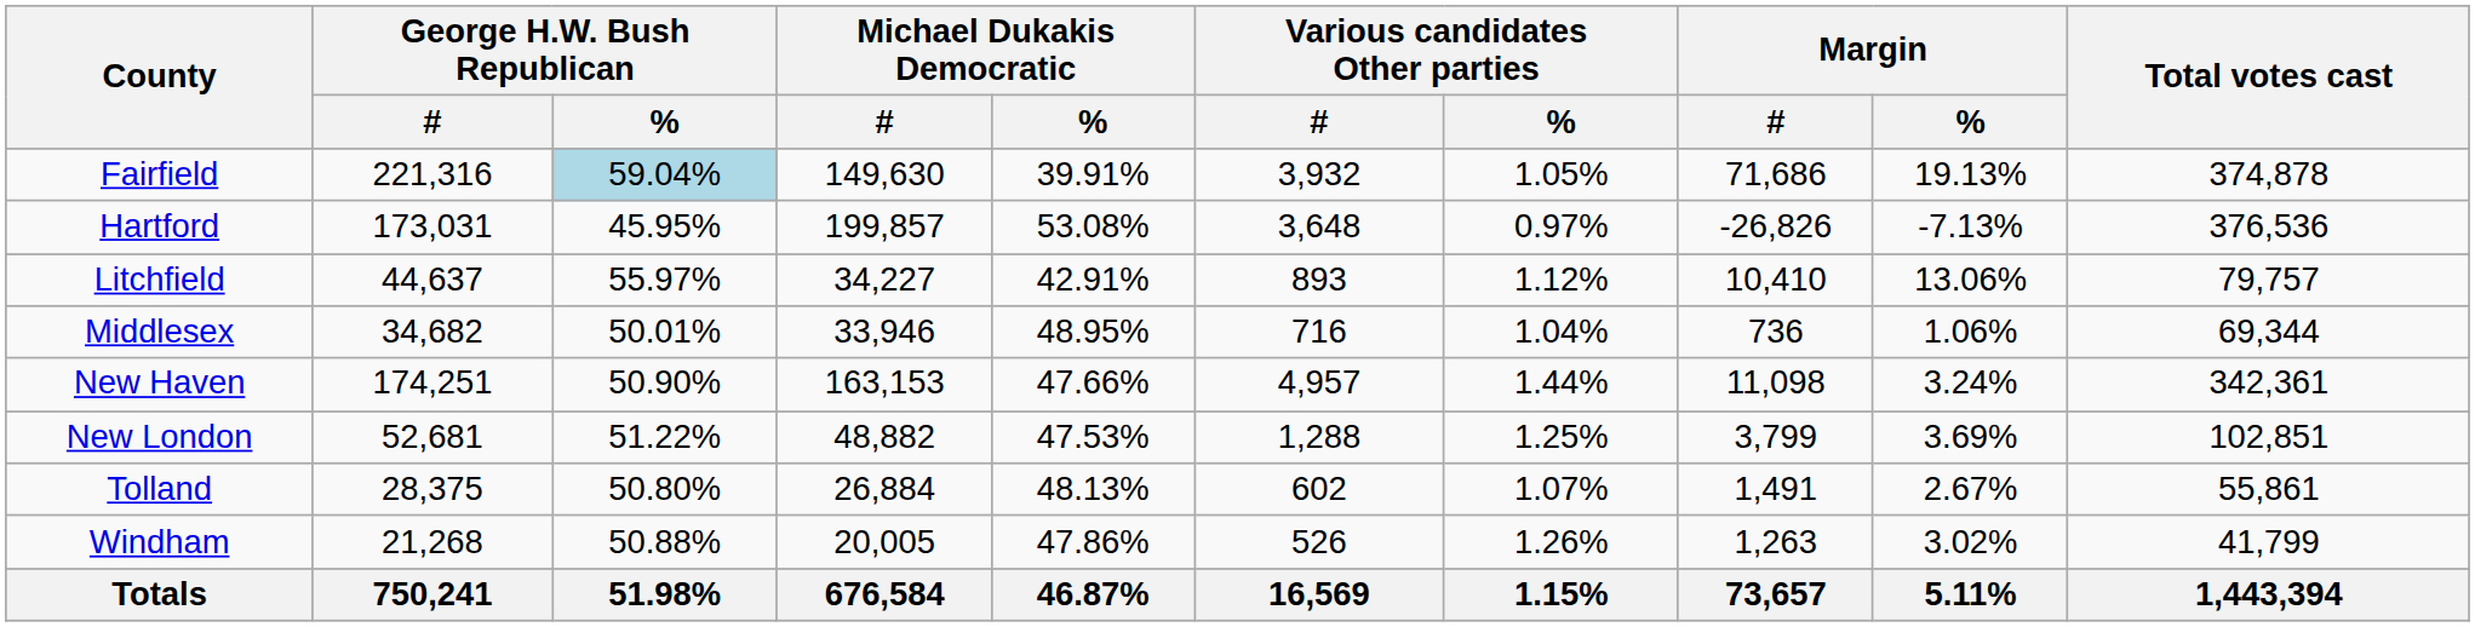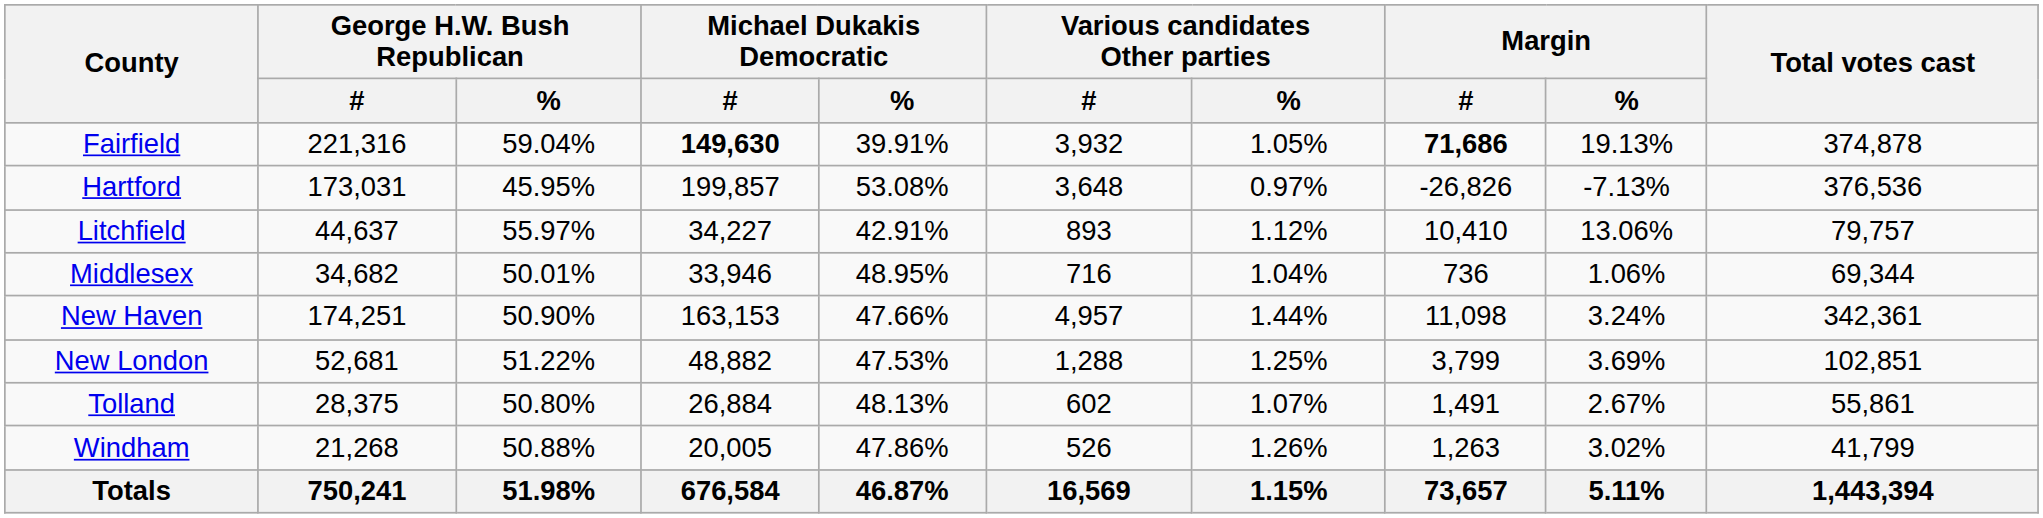 <table width="60%"  class="wikitable sortable" style="text-align:center">
 <tr>
 <th style="text-align:center;" rowspan="2">County</th>
 <th style="text-align:center;" colspan="2">George H.W. Bush<br>Republican</th>
 <th style="text-align:center;" colspan="2">Michael Dukakis<br>Democratic</th>
 <th style="text-align:center;" colspan="2">Various candidates<br>Other parties</th>
 <th style="text-align:center;" colspan="2">Margin</th>
 <th style="text-align:center;" rowspan="2">Total votes cast</th>
 </tr>
 <tr>
 <th style="text-align:center;" data-sort-type="number">#</th>
 <th style="text-align:center;" data-sort-type="number">%</th>
 <th style="text-align:center;" data-sort-type="number">#</th>
 <th style="text-align:center;" data-sort-type="number">%</th>
 <th style="text-align:center;" data-sort-type="number">#</th>
 <th style="text-align:center;" data-sort-type="number">%</th>
 <th style="text-align:center;" data-sort-type="number">#</th>
 <th style="text-align:center;" data-sort-type="number">%</th>
 </tr>
 <tr style="text-align:center;">
 <td><a href='#'>Fairfield</a></td>
 <td>221,316</td>
-<td style="background: lightblue;">59.04%</td>
-<td>149,630</td>
+<td>59.04%</td>
+<td><strong>149,630</strong></td>
 <td>39.91%</td>
 <td>3,932</td>
 <td>1.05%</td>
-<td>71,686</td>
+<td><strong>71,686</strong></td>
 <td>19.13%</td>
 <td>374,878</td>
 </tr>
 <tr style="text-align:center;">
 <td><a href='#'>Hartford</a></td>
 <td>173,031</td>
 <td>45.95%</td>
 <td>199,857</td>
 <td>53.08%</td>
 <td>3,648</td>
 <td>0.97%</td>
 <td>-26,826</td>
 <td>-7.13%</td>
 <td>376,536</td>
 </tr>
 <tr style="text-align:center;">
 <td><a href='#'>Litchfield</a></td>
 <td>44,637</td>
 <td>55.97%</td>
 <td>34,227</td>
 <td>42.91%</td>
 <td>893</td>
 <td>1.12%</td>
 <td>10,410</td>
 <td>13.06%</td>
 <td>79,757</td>
 </tr>
 <tr style="text-align:center;">
 <td><a href='#'>Middlesex</a></td>
 <td>34,682</td>
 <td>50.01%</td>
 <td>33,946</td>
 <td>48.95%</td>
 <td>716</td>
 <td>1.04%</td>
 <td>736</td>
 <td>1.06%</td>
 <td>69,344</td>
 </tr>
 <tr style="text-align:center;">
 <td><a href='#'>New Haven</a></td>
 <td>174,251</td>
 <td>50.90%</td>
 <td>163,153</td>
 <td>47.66%</td>
 <td>4,957</td>
 <td>1.44%</td>
 <td>11,098</td>
 <td>3.24%</td>
 <td>342,361</td>
 </tr>
 <tr style="text-align:center;">
 <td><a href='#'>New London</a></td>
 <td>52,681</td>
 <td>51.22%</td>
 <td>48,882</td>
 <td>47.53%</td>
 <td>1,288</td>
 <td>1.25%</td>
 <td>3,799</td>
 <td>3.69%</td>
 <td>102,851</td>
 </tr>
 <tr style="text-align:center;">
 <td><a href='#'>Tolland</a></td>
 <td>28,375</td>
 <td>50.80%</td>
 <td>26,884</td>
 <td>48.13%</td>
 <td>602</td>
 <td>1.07%</td>
 <td>1,491</td>
 <td>2.67%</td>
 <td>55,861</td>
 </tr>
 <tr style="text-align:center;">
 <td><a href='#'>Windham</a></td>
 <td>21,268</td>
 <td>50.88%</td>
 <td>20,005</td>
 <td>47.86%</td>
 <td>526</td>
 <td>1.26%</td>
 <td>1,263</td>
 <td>3.02%</td>
 <td>41,799</td>
 </tr>
 <tr>
 <th>Totals</th>
 <th>750,241</th>
 <th>51.98%</th>
 <th>676,584</th>
 <th>46.87%</th>
 <th>16,569</th>
 <th>1.15%</th>
 <th>73,657</th>
 <th>5.11%</th>
 <th>1,443,394</th>
 </tr>
 </table>
